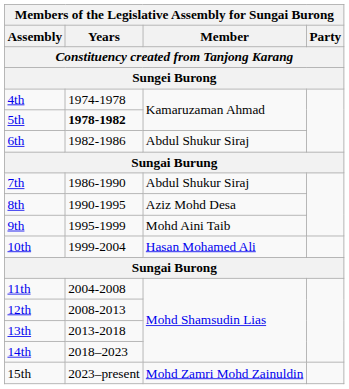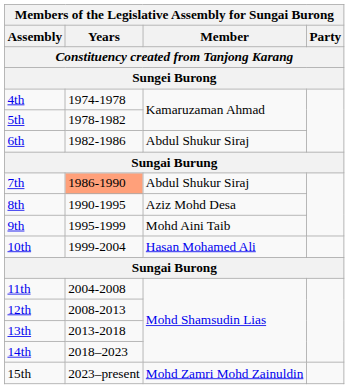 <table class=wikitable>
 <tr>
 <th colspan=4>Members of the Legislative Assembly for Sungai Burong</th>
 </tr>
 <tr>
 <th>Assembly</th>
 <th>Years</th>
 <th>Member</th>
 <th>Party</th>
 </tr>
 <tr>
 <th colspan=4 align=center><em>Constituency created from Tanjong Karang</em></th>
 </tr>
 <tr>
 <th colspan=4 align=center>Sungei Burong</th>
 </tr>
 <tr>
 <td><a href='#'>4th</a></td>
 <td>1974-1978</td>
 <td rowspan=2>Kamaruzaman Ahmad</td>
 <td rowspan=3></td>
 </tr>
 <tr>
 <td><a href='#'>5th</a></td>
-<td><strong>1978-1982</strong></td>
+<td>1978-1982</td>
 </tr>
 <tr>
 <td><a href='#'>6th</a></td>
 <td>1982-1986</td>
 <td>Abdul Shukur Siraj</td>
 </tr>
 <tr>
 <th colspan=4 align=center>Sungai Burung</th>
 </tr>
 <tr>
 <td><a href='#'>7th</a></td>
-<td>1986-1990</td>
+<td style="background: lightsalmon;">1986-1990</td>
 <td>Abdul Shukur Siraj</td>
 <td rowspan=3></td>
 </tr>
 <tr>
 <td><a href='#'>8th</a></td>
 <td>1990-1995</td>
 <td>Aziz Mohd Desa</td>
 </tr>
 <tr>
 <td><a href='#'>9th</a></td>
 <td>1995-1999</td>
 <td>Mohd Aini Taib</td>
 </tr>
 <tr>
 <td><a href='#'>10th</a></td>
 <td>1999-2004</td>
 <td><a href='#'>Hasan Mohamed Ali</a></td>
 <td></td>
 </tr>
 <tr>
 <th colspan=4 align=center>Sungai Burong</th>
 </tr>
 <tr>
 <td><a href='#'>11th</a></td>
 <td>2004-2008</td>
 <td rowspan=4><a href='#'>Mohd Shamsudin Lias</a></td>
 <td rowspan=4></td>
 </tr>
 <tr>
 <td><a href='#'>12th</a></td>
 <td>2008-2013</td>
 </tr>
 <tr>
 <td><a href='#'>13th</a></td>
 <td>2013-2018</td>
 </tr>
 <tr>
 <td><a href='#'>14th</a></td>
 <td>2018–2023</td>
 </tr>
 <tr>
 <td>15th</td>
 <td>2023–present</td>
 <td><a href='#'>Mohd Zamri Mohd Zainuldin</a></td>
 <td></td>
 </tr>
 </table>
